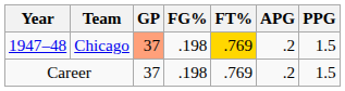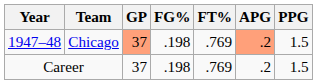 <table class="wikitable sortable" style="font-size:95%; text-align:right;">
 <tr>
 <th>Year</th>
 <th>Team</th>
 <th>GP</th>
 <th>FG%</th>
 <th>FT%</th>
 <th>APG</th>
 <th>PPG</th>
 </tr>
 <tr>
 <td style="text-align:left;"><a href='#'>1947–48</a></td>
 <td style="text-align:left;"><a href='#'>Chicago</a></td>
 <td style="background: lightsalmon;">37</td>
 <td>.198</td>
-<td style="background: gold;">.769</td>
-<td>.2</td>
+<td>.769</td>
+<td style="background: lightsalmon;">.2</td>
 <td>1.5</td>
 </tr>
 <tr>
 <td style="text-align:center;" colspan="2">Career</td>
 <td>37</td>
 <td>.198</td>
 <td>.769</td>
 <td>.2</td>
 <td>1.5</td>
 </tr>
 <tr>
 </tr>
 </table>
